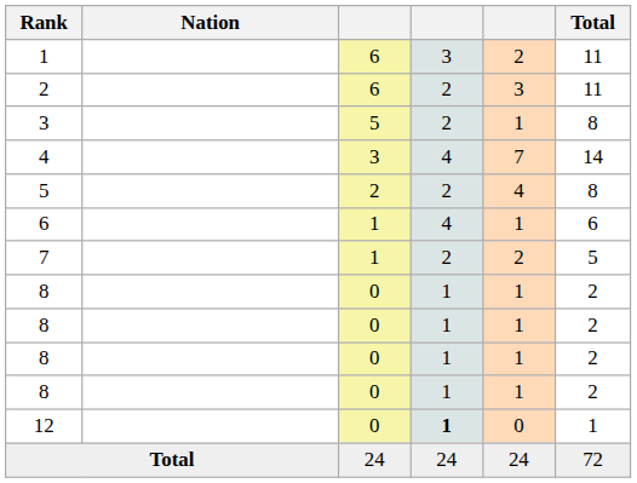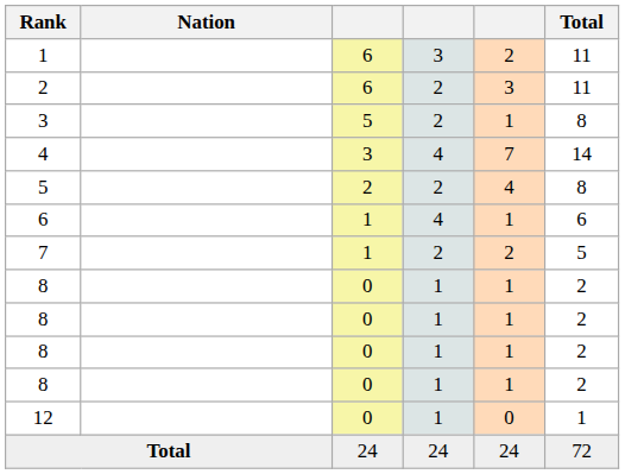 <table class=wikitable width=35% cellspacing="1" cellpadding="3" style="border:1px solid #AAAAAA;font-size:90%">
 <tr bgcolor="#EFEFEF">
 <th width=50>Rank</th>
 <th width=200>Nation</th>
 <th width=50></th>
 <th width=50></th>
 <th width=50></th>
 <th width=50>Total</th>
 </tr>
 <tr align="center" valign="top" bgcolor="#FFFFFF">
 <td rowspan="1" valign="center">1</td>
 <td align="left"></td>
 <td style="background:#F7F6A8;">6</td>
 <td style="background:#DCE5E5;">3</td>
 <td style="background:#FFDAB9;">2</td>
 <td>11</td>
 </tr>
 <tr align="center" valign="top" bgcolor="#FFFFFF">
 <td rowspan="1" valign="center">2</td>
 <td align="left"></td>
 <td style="background:#F7F6A8;">6</td>
 <td style="background:#DCE5E5;">2</td>
 <td style="background:#FFDAB9;">3</td>
 <td>11</td>
 </tr>
 <tr align="center" valign="top" bgcolor="#FFFFFF">
 <td rowspan="1" valign="center">3</td>
 <td align="left"></td>
 <td style="background:#F7F6A8;">5</td>
 <td style="background:#DCE5E5;">2</td>
 <td style="background:#FFDAB9;">1</td>
 <td>8</td>
 </tr>
 <tr align="center" valign="top" bgcolor="#FFFFFF">
 <td rowspan="1" valign="center">4</td>
 <td align="left"></td>
 <td style="background:#F7F6A8;">3</td>
 <td style="background:#DCE5E5;">4</td>
 <td style="background:#FFDAB9;">7</td>
 <td>14</td>
 </tr>
 <tr align="center" valign="top" bgcolor="#FFFFFF">
 <td rowspan="1" valign="center">5</td>
 <td align="left"></td>
 <td style="background:#F7F6A8;">2</td>
 <td style="background:#DCE5E5;">2</td>
 <td style="background:#FFDAB9;">4</td>
 <td>8</td>
 </tr>
 <tr align="center" valign="top" bgcolor="#FFFFFF">
 <td rowspan="1" valign="center">6</td>
 <td align="left"></td>
 <td style="background:#F7F6A8;">1</td>
 <td style="background:#DCE5E5;">4</td>
 <td style="background:#FFDAB9;">1</td>
 <td>6</td>
 </tr>
 <tr align="center" valign="top" bgcolor="#FFFFFF">
 <td rowspan="1" valign="center">7</td>
 <td align="left"></td>
 <td style="background:#F7F6A8;">1</td>
 <td style="background:#DCE5E5;">2</td>
 <td style="background:#FFDAB9;">2</td>
 <td>5</td>
 </tr>
 <tr align="center" valign="top" bgcolor="#FFFFFF">
 <td rowspan="1" valign="center">8</td>
 <td align="left"></td>
 <td style="background:#F7F6A8;">0</td>
 <td style="background:#DCE5E5;">1</td>
 <td style="background:#FFDAB9;">1</td>
 <td>2</td>
 </tr>
 <tr align="center" valign="top" bgcolor="#FFFFFF">
 <td rowspan="1" valign="center">8</td>
 <td align="left"></td>
 <td style="background:#F7F6A8;">0</td>
 <td style="background:#DCE5E5;">1</td>
 <td style="background:#FFDAB9;">1</td>
 <td>2</td>
 </tr>
 <tr align="center" valign="top" bgcolor="#FFFFFF">
 <td rowspan="1" valign="center">8</td>
 <td align="left"></td>
 <td style="background:#F7F6A8;">0</td>
 <td style="background:#DCE5E5;">1</td>
 <td style="background:#FFDAB9;">1</td>
 <td>2</td>
 </tr>
 <tr align="center" valign="top" bgcolor="#FFFFFF">
 <td rowspan="1" valign="center">8</td>
 <td align="left"></td>
 <td style="background:#F7F6A8;">0</td>
 <td style="background:#DCE5E5;">1</td>
 <td style="background:#FFDAB9;">1</td>
 <td>2</td>
 </tr>
 <tr align="center" valign="top" bgcolor="#FFFFFF">
 <td rowspan="1" valign="center">12</td>
 <td align="left"></td>
 <td style="background:#F7F6A8;">0</td>
-<td style="background:#DCE5E5;"><strong>1</strong></td>
+<td style="background:#DCE5E5;">1</td>
 <td style="background:#FFDAB9;">0</td>
 <td>1</td>
 </tr>
 <tr align="center" valign="top" bgcolor="#EFEFEF">
 <td colspan="2" rowspan="1" valign="center"><strong>Total</strong></td>
 <td>24</td>
 <td>24</td>
 <td>24</td>
 <td>72</td>
 </tr>
 </table>
